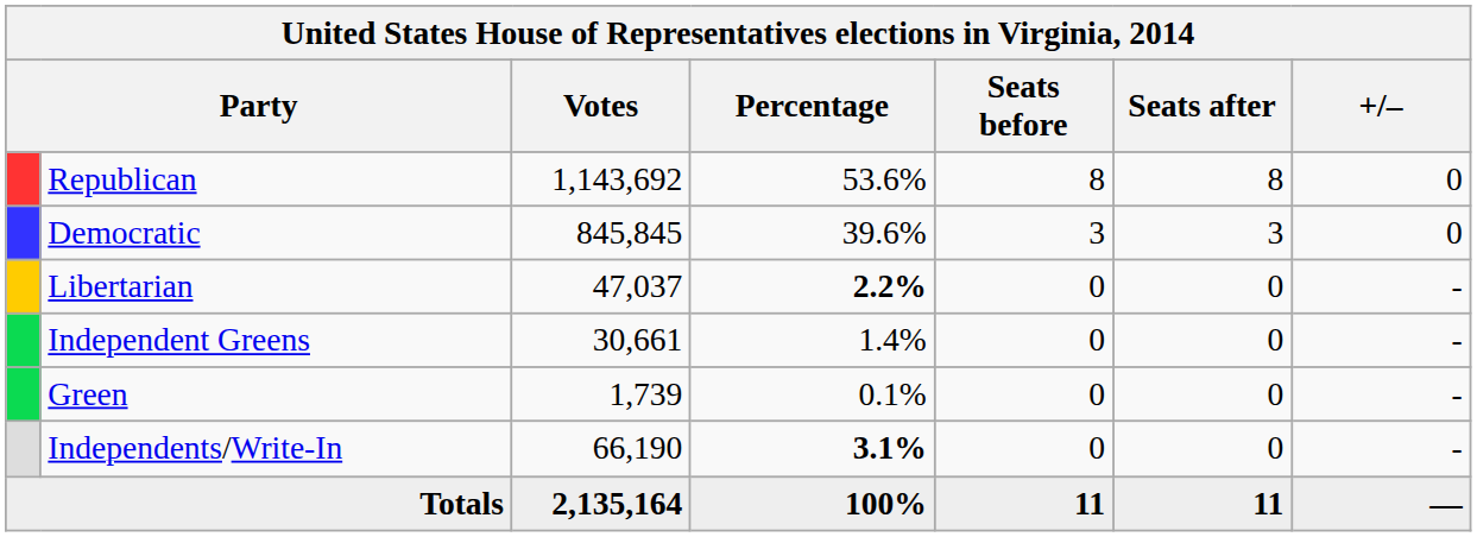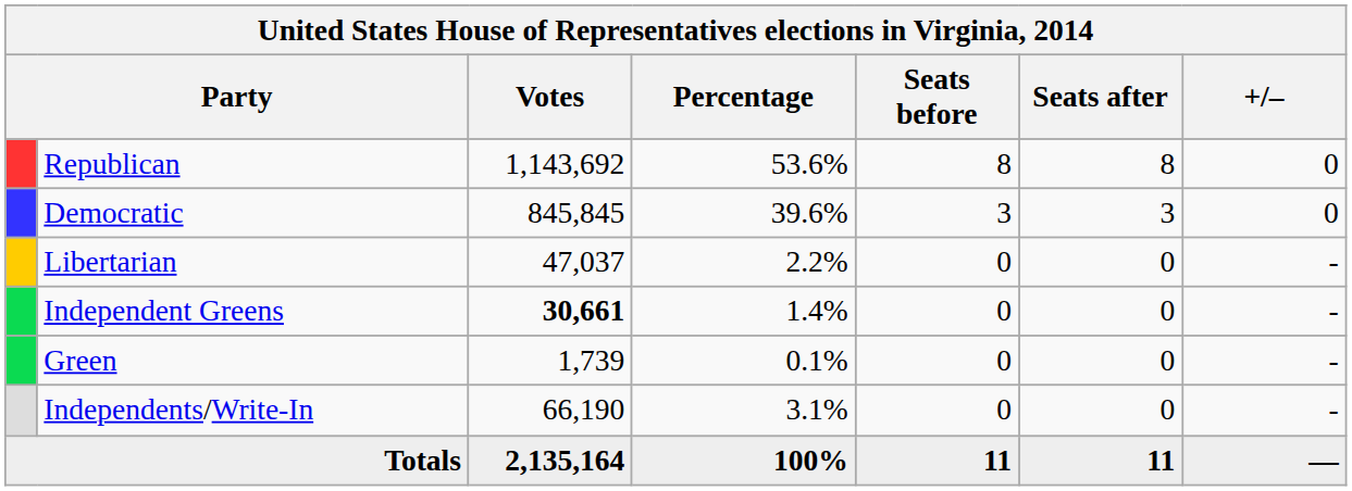 <table class="wikitable" style="font-size:95%;">
 <tr>
 <th colspan="7">United States House of Representatives elections in Virginia, 2014</th>
 </tr>
 <tr>
 <th colspan=2 style="width: 15em">Party</th>
 <th style="width: 5em">Votes</th>
 <th style="width: 7em">Percentage</th>
 <th style="width: 5em">Seats before</th>
 <th style="width: 5em">Seats after</th>
 <th style="width: 5em">+/–</th>
 </tr>
 <tr>
 <th style="background:#f33; width:3px;"></th>
 <td style="width: 130px"><a href='#'>Republican</a></td>
 <td style="text-align:right;">1,143,692</td>
 <td style="text-align:right;">53.6%</td>
 <td style="text-align:right;">8</td>
 <td style="text-align:right;">8</td>
 <td style="text-align:right;">0</td>
 </tr>
 <tr>
 <th style="background:#33f; width:3px;"></th>
 <td style="width: 130px"><a href='#'>Democratic</a></td>
 <td style="text-align:right;">845,845</td>
 <td style="text-align:right;">39.6%</td>
 <td style="text-align:right;">3</td>
 <td style="text-align:right;">3</td>
 <td style="text-align:right;">0</td>
 </tr>
 <tr>
 <th style="background:#fc0; width:3px;"></th>
 <td style="width: 130px"><a href='#'>Libertarian</a></td>
 <td style="text-align:right;">47,037</td>
-<td style="text-align:right;"><strong>2.2%</strong></td>
+<td style="text-align:right;">2.2%</td>
 <td style="text-align:right;">0</td>
 <td style="text-align:right;">0</td>
 <td style="text-align:right;">-</td>
 </tr>
 <tr>
 <th style="background:#0bda51; width:3px;"></th>
 <td style="width: 130px"><a href='#'>Independent Greens</a></td>
-<td style="text-align:right;">30,661</td>
+<td style="text-align:right;"><strong>30,661</strong></td>
 <td style="text-align:right;">1.4%</td>
 <td style="text-align:right;">0</td>
 <td style="text-align:right;">0</td>
 <td style="text-align:right;">-</td>
 </tr>
 <tr>
 <th style="background:#0bda51; width:3px;"></th>
 <td style="width: 130px"><a href='#'>Green</a></td>
 <td style="text-align:right;">1,739</td>
 <td style="text-align:right;">0.1%</td>
 <td style="text-align:right;">0</td>
 <td style="text-align:right;">0</td>
 <td style="text-align:right;">-</td>
 </tr>
 <tr>
 <th style="background:#ddd; width:3px;"></th>
 <td style="width: 130px"><a href='#'>Independents</a>/<a href='#'>Write-In</a></td>
 <td style="text-align:right;">66,190</td>
-<td style="text-align:right;"><strong>3.1%</strong></td>
+<td style="text-align:right;">3.1%</td>
 <td style="text-align:right;">0</td>
 <td style="text-align:right;">0</td>
 <td style="text-align:right;">-</td>
 </tr>
 <tr style="background:#eee; text-align:right;">
 <td colspan="2"><strong>Totals</strong></td>
 <td><strong>2,135,164</strong></td>
 <td><strong>100%</strong></td>
 <td><strong>11</strong></td>
 <td><strong>11</strong></td>
 <td><strong>—</strong></td>
 </tr>
 </table>
